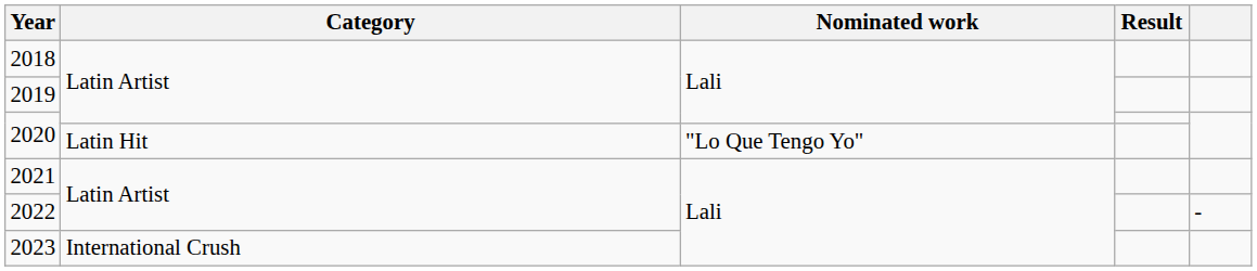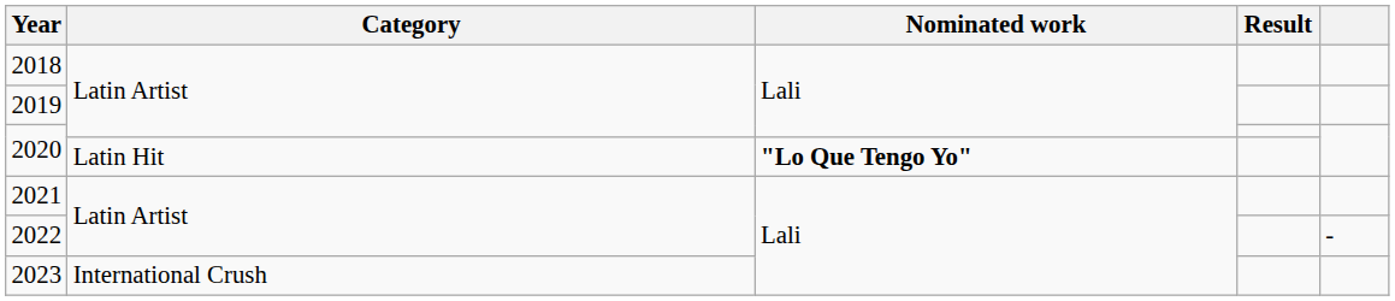 <table class="wikitable plainrowheaders" style="width:70%;">
 <tr>
 <th scope="col" style="width:4%;">Year</th>
 <th scope="col" style="width:50%;">Category</th>
 <th scope="col" style="width:35%;">Nominated work</th>
 <th scope="col" style="width:6%;">Result</th>
 <th scope="col" style="width:6%;"></th>
 </tr>
 <tr>
 <td>2018</td>
 <td rowspan="3">Latin Artist</td>
 <td rowspan="3">Lali</td>
 <td></td>
 <td></td>
 </tr>
 <tr>
 <td>2019</td>
 <td></td>
 <td></td>
 </tr>
 <tr>
 <td rowspan="2">2020</td>
 <td></td>
 <td rowspan="2"></td>
 </tr>
 <tr>
 <td>Latin Hit</td>
-<td>"Lo Que Tengo Yo"</td>
+<td><strong>"Lo Que Tengo Yo"</strong></td>
 <td></td>
 </tr>
 <tr>
 <td>2021</td>
 <td rowspan="2">Latin Artist</td>
 <td rowspan="3">Lali</td>
 <td></td>
 <td></td>
 </tr>
 <tr>
 <td>2022</td>
 <td></td>
 <td>-</td>
 </tr>
 <tr>
 <td>2023</td>
 <td>International Crush</td>
 <td></td>
 <td></td>
 </tr>
 </table>
